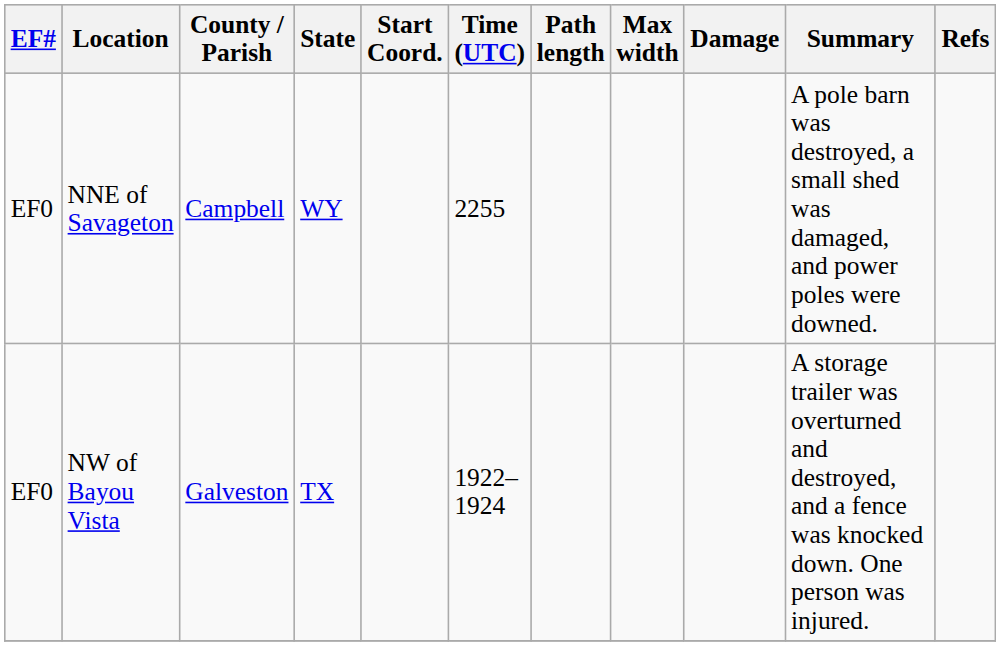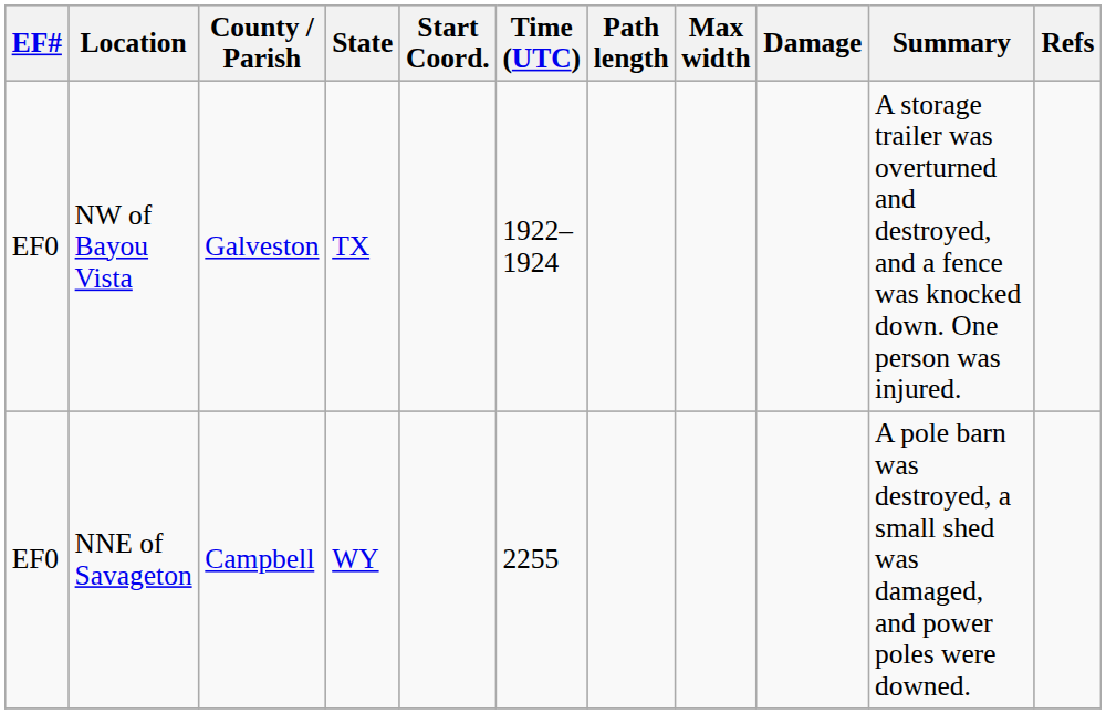 <table class="wikitable sortable" style="width:100%;">
 <tr>
 <th scope="col" width="3%" align="center"><a href='#'>EF#</a></th>
 <th scope="col" width="7%" align="center" class="unsortable">Location</th>
 <th scope="col" width="6%" align="center" class="unsortable">County / Parish</th>
 <th scope="col" width="5%" align="center">State</th>
 <th scope="col" width="6%" align="center">Start Coord.</th>
 <th scope="col" width="6%" align="center">Time (<a href='#'>UTC</a>)</th>
 <th scope="col" width="6%" align="center">Path length</th>
 <th scope="col" width="6%" align="center">Max width</th>
 <th scope="col" width="6%" align="center">Damage</th>
 <th scope="col" width="48%" class="unsortable" align="center">Summary</th>
 <th scope="col" width="48%" class="unsortable" align="center">Refs</th>
 </tr>
 <tr>
 <td>EF0</td>
+<td>NW of <a href='#'>Bayou Vista</a></td>
+<td><a href='#'>Galveston</a></td>
+<td><a href='#'>TX</a></td>
+<td></td>
+<td>1922–1924</td>
+<td></td>
+<td></td>
+<td></td>
+<td>A storage trailer was overturned and destroyed, and a fence was knocked down. One person was injured.</td>
+<td></td>
+</tr>
+<tr>
+<td>EF0</td>
 <td>NNE of <a href='#'>Savageton</a></td>
 <td><a href='#'>Campbell</a></td>
 <td><a href='#'>WY</a></td>
 <td></td>
 <td>2255</td>
 <td></td>
 <td></td>
 <td></td>
 <td>A pole barn was destroyed, a small shed was damaged, and power poles were downed.</td>
 <td></td>
 </tr>
 <tr>
-<td>EF0</td>
-<td>NW of <a href='#'>Bayou Vista</a></td>
-<td><a href='#'>Galveston</a></td>
-<td><a href='#'>TX</a></td>
-<td></td>
-<td>1922–1924</td>
-<td></td>
-<td></td>
-<td></td>
-<td>A storage trailer was overturned and destroyed, and a fence was knocked down. One person was injured.</td>
-<td></td>
-</tr>
-<tr>
 </tr>
 </table>
